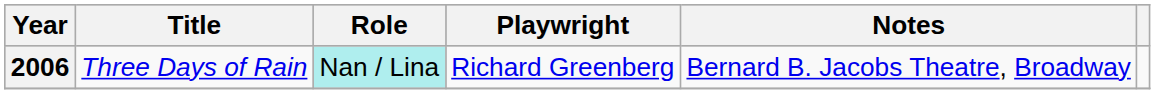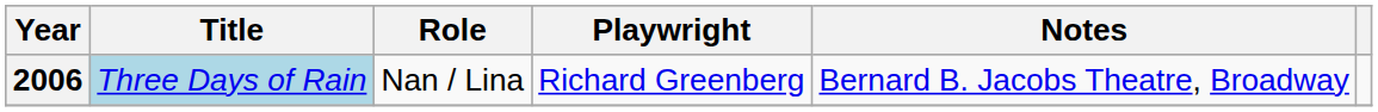 <table class="wikitable plainrowheaders unsortable">
 <tr>
 <th scope="col">Year</th>
 <th scope="col">Title</th>
 <th scope="col">Role</th>
 <th scope="col">Playwright</th>
 <th scope="col"class="unsortable">Notes</th>
 <th scope="col"class="unsortable"></th>
 </tr>
 <tr>
 <th scope=row>2006</th>
-<td><em><a href='#'>Three Days of Rain</a></em></td>
-<td style="background: paleturquoise;">Nan / Lina</td>
+<td style="background: lightblue;"><em><a href='#'>Three Days of Rain</a></em></td>
+<td>Nan / Lina</td>
 <td><a href='#'>Richard Greenberg</a></td>
 <td><a href='#'>Bernard B. Jacobs Theatre</a>, <a href='#'>Broadway</a></td>
 <td></td>
 </tr>
 <tr>
 </tr>
 </table>
